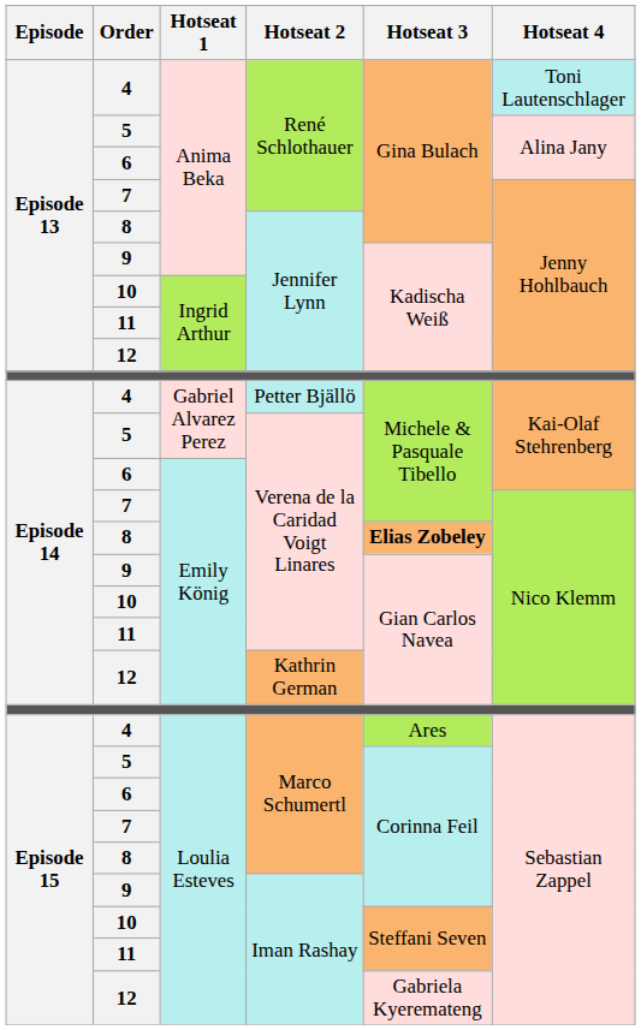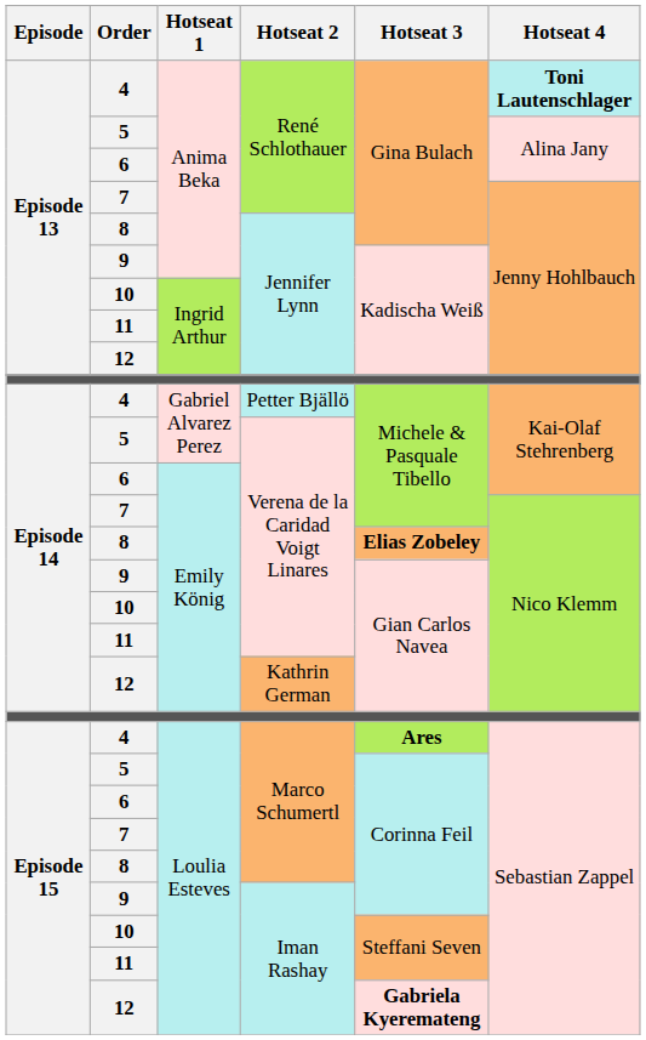 <table class="wikitable collapsible collapsed plainrowheaders" style="text-align:center; margin:10px; width:80%">
 <tr>
 <th Width="10%">Episode</th>
 <th Width="05%">Order</th>
 <th Width="12%">Hotseat 1</th>
 <th Width="12%">Hotseat 2</th>
 <th Width="12%">Hotseat 3</th>
 <th Width="12%">Hotseat 4</th>
 </tr>
 <tr>
 <th rowspan="9">Episode 13</th>
 <th>4</th>
 <td rowspan="6" style="background:#ffdddd">Anima Beka</td>
 <td rowspan="4" style="background:#B2EC5D">René Schlothauer</td>
 <td rowspan="5" style="background:#fbb46e">Gina Bulach</td>
-<td style="background:#b7efef">Toni Lautenschlager</td>
+<td style="background:#b7efef"><strong>Toni Lautenschlager</strong></td>
 </tr>
 <tr>
 <th>5</th>
 <td rowspan="2" style="background:#ffdddd">Alina Jany</td>
 </tr>
 <tr>
 <th>6</th>
 </tr>
 <tr>
 <th>7</th>
 <td rowspan="6" style="background:#fbb46e">Jenny Hohlbauch</td>
 </tr>
 <tr>
 <th>8</th>
 <td rowspan="5" style="background:#b7efef">Jennifer Lynn</td>
 </tr>
 <tr>
 <th>9</th>
 <td rowspan="4" style="background:#ffdddd">Kadischa Weiß</td>
 </tr>
 <tr>
 <th>10</th>
 <td rowspan="3" style="background:#B2EC5D">Ingrid Arthur</td>
 </tr>
 <tr>
 <th>11</th>
 </tr>
 <tr>
 <th>12</th>
 </tr>
 <tr>
 </tr>
 <tr>
 <th colspan="8" style="background:#555;"></th>
 </tr>
 <tr>
 <th rowspan="9">Episode 14</th>
 <th>4</th>
 <td rowspan="2" style="background:#ffdddd">Gabriel Alvarez Perez</td>
 <td style="background:#b7efef">Petter Bjällö</td>
 <td rowspan="4" style="background:#B2EC5D">Michele & Pasquale Tibello</td>
 <td rowspan="3" style="background:#fbb46e">Kai-Olaf Stehrenberg</td>
 </tr>
 <tr>
 <th>5</th>
 <td rowspan="7" style="background:#ffdddd">Verena de la Caridad Voigt Linares</td>
 </tr>
 <tr>
 <th>6</th>
 <td rowspan="7" style="background:#b7efef">Emily König</td>
 </tr>
 <tr>
 <th>7</th>
 <td rowspan="6" style="background:#B2EC5D">Nico Klemm</td>
 </tr>
 <tr>
 <th>8</th>
 <td style="background:#fbb46e"><strong>Elias Zobeley</strong></td>
 </tr>
 <tr>
 <th>9</th>
 <td rowspan="4" style="background:#ffdddd">Gian Carlos Navea</td>
 </tr>
 <tr>
 <th>10</th>
 </tr>
 <tr>
 <th>11</th>
 </tr>
 <tr>
 <th>12</th>
 <td style="background:#fbb46e">Kathrin German</td>
 </tr>
 <tr>
 <th colspan="8" style="background:#555;"></th>
 </tr>
 <tr>
 <th rowspan="9">Episode 15</th>
 <th>4</th>
 <td rowspan="9" style="background:#b7efef">Loulia Esteves</td>
 <td rowspan="5" style="background:#fbb46e">Marco Schumertl</td>
-<td style="background:#B2EC5D">Ares</td>
+<td style="background:#B2EC5D"><strong>Ares</strong></td>
 <td rowspan="9" style="background:#ffdddd">Sebastian Zappel</td>
 </tr>
 <tr>
 <th>5</th>
 <td rowspan="5" style="background:#b7efef">Corinna Feil</td>
 </tr>
 <tr>
 <th>6</th>
 </tr>
 <tr>
 <th>7</th>
 </tr>
 <tr>
 <th>8</th>
 </tr>
 <tr>
 <th>9</th>
 <td rowspan="4" style="background:#b7efef">Iman Rashay</td>
 </tr>
 <tr>
 <th>10</th>
 <td rowspan="2" style="background:#fbb46e">Steffani Seven</td>
 </tr>
 <tr>
 <th>11</th>
 </tr>
 <tr>
 <th>12</th>
-<td style="background:#ffdddd">Gabriela Kyeremateng</td>
+<td style="background:#ffdddd"><strong>Gabriela Kyeremateng</strong></td>
 </tr>
 </table>
